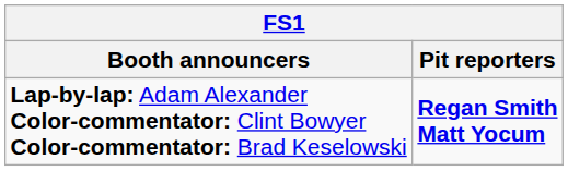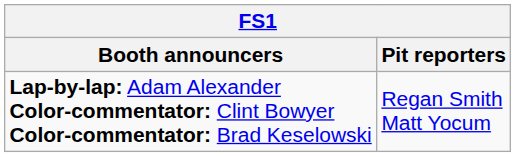 <table class="wikitable">
 <tr>
 <th colspan="2"><a href='#'>FS1</a></th>
 </tr>
 <tr>
 <th>Booth announcers</th>
 <th>Pit reporters</th>
 </tr>
 <tr>
 <td><strong>Lap-by-lap:</strong> <a href='#'>Adam Alexander</a><br><strong>Color-commentator:</strong> <a href='#'>Clint Bowyer</a><br><strong>Color-commentator:</strong> <a href='#'>Brad Keselowski</a></td>
-<td><strong><a href='#'>Regan Smith</a><br><a href='#'>Matt Yocum</a></strong></td>
+<td><a href='#'>Regan Smith</a><br><a href='#'>Matt Yocum</a></td>
 </tr>
 </table>
